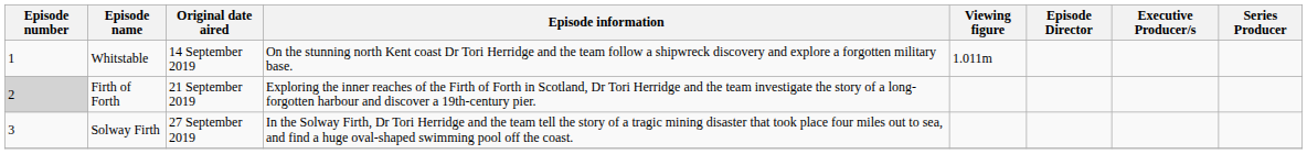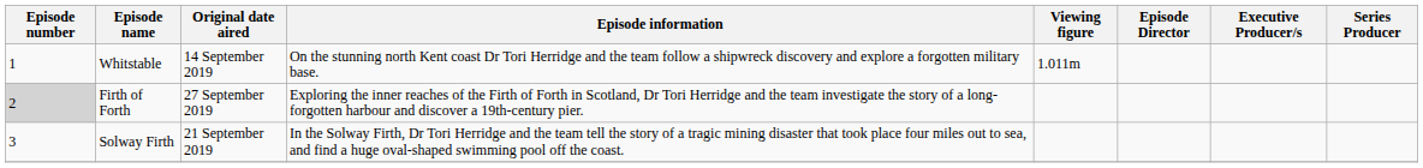 <table class="wikitable sortable">
 <tr>
 <th>Episode number</th>
 <th>Episode name</th>
 <th>Original date aired</th>
 <th>Episode information</th>
 <th>Viewing figure</th>
 <th>Episode Director</th>
 <th>Executive Producer/s</th>
 <th>Series Producer</th>
 </tr>
 <tr>
 <td>1</td>
 <td>Whitstable</td>
 <td>14 September 2019</td>
 <td>On the stunning north Kent coast Dr Tori Herridge and the team follow a shipwreck discovery and explore a forgotten military base.</td>
 <td>1.011m</td>
 <td></td>
 <td></td>
 <td></td>
 </tr>
 <tr>
 <td style="background: lightgrey;">2</td>
 <td>Firth of Forth</td>
-<td>21 September 2019</td>
+<td>27 September 2019</td>
 <td>Exploring the inner reaches of the Firth of Forth in Scotland, Dr Tori Herridge and the team investigate the story of a long-forgotten harbour and discover a 19th-century pier.</td>
 <td></td>
 <td></td>
 <td></td>
 <td></td>
 </tr>
 <tr>
 <td>3</td>
 <td>Solway Firth</td>
-<td>27 September 2019</td>
+<td>21 September 2019</td>
 <td>In the Solway Firth, Dr Tori Herridge and the team tell the story of a tragic mining disaster that took place four miles out to sea, and find a huge oval-shaped swimming pool off the coast.</td>
 <td></td>
 <td></td>
 <td></td>
 <td></td>
 </tr>
 <tr>
 </tr>
 </table>
